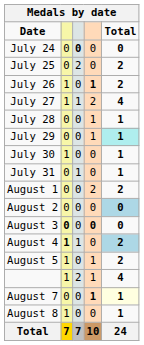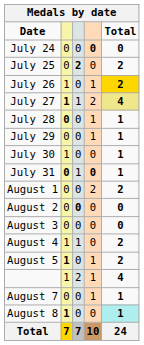 <table class="wikitable" style="font-size:85%">
 <tr bgcolor="#efefef">
 <th colspan=6>Medals by date</th>
 </tr>
 <tr align=center>
 <td><strong>Date</strong></td>
 <td bgcolor=#f7f6a8></td>
 <td bgcolor=#dce5e5></td>
 <td bgcolor=#ffdab9></td>
 <td><strong>Total</strong></td>
 </tr>
 <tr align=center>
 <td>July 24</td>
 <td style="background:#F7F6A8;">0</td>
-<td style="background:#DCE5E5;"><strong>0</strong></td>
-<td style="background:#FFDAB9;">0</td>
+<td style="background:#DCE5E5;">0</td>
+<td style="background:#FFDAB9;"><strong>0</strong></td>
 <td><strong>0</strong></td>
 </tr>
 <tr align=center>
 <td>July 25</td>
 <td style="background:#F7F6A8;">0</td>
-<td style="background:#DCE5E5;">2</td>
+<td style="background:#DCE5E5;"><strong>2</strong></td>
 <td style="background:#FFDAB9;">0</td>
 <td><strong>2</strong></td>
 </tr>
 <tr align=center>
 <td>July 26</td>
 <td style="background:#F7F6A8;">1</td>
 <td style="background:#DCE5E5;">0</td>
-<td style="background:#FFDAB9;"><strong>1</strong></td>
-<td><strong>2</strong></td>
+<td style="background:#FFDAB9;">1</td>
+<td style="background: gold;"><strong>2</strong></td>
 </tr>
 <tr align=center>
 <td>July 27</td>
-<td style="background:#F7F6A8;">1</td>
+<td style="background:#F7F6A8;"><strong>1</strong></td>
 <td style="background:#DCE5E5;">1</td>
 <td style="background:#FFDAB9;">2</td>
-<td><strong>4</strong></td>
+<td style="background: khaki;"><strong>4</strong></td>
 </tr>
 <tr align=center>
 <td>July 28</td>
-<td style="background:#F7F6A8;">0</td>
+<td style="background:#F7F6A8;"><strong>0</strong></td>
 <td style="background:#DCE5E5;">0</td>
 <td style="background:#FFDAB9;">1</td>
 <td><strong>1</strong></td>
 </tr>
 <tr align=center>
 <td>July 29</td>
 <td style="background:#F7F6A8;">0</td>
 <td style="background:#DCE5E5;">0</td>
 <td style="background:#FFDAB9;">1</td>
-<td style="background: paleturquoise;"><strong>1</strong></td>
+<td><strong>1</strong></td>
 </tr>
 <tr align=center>
 <td>July 30</td>
 <td style="background:#F7F6A8;">1</td>
 <td style="background:#DCE5E5;">0</td>
 <td style="background:#FFDAB9;">0</td>
 <td><strong>1</strong></td>
 </tr>
 <tr align=center>
 <td>July 31</td>
-<td style="background:#F7F6A8;">0</td>
+<td style="background:#F7F6A8;"><strong>0</strong></td>
 <td style="background:#DCE5E5;">1</td>
-<td style="background:#FFDAB9;">0</td>
+<td style="background:#FFDAB9;"><strong>0</strong></td>
 <td><strong>1</strong></td>
 </tr>
 <tr align=center>
 <td>August 1</td>
 <td style="background:#F7F6A8;">0</td>
 <td style="background:#DCE5E5;">0</td>
 <td style="background:#FFDAB9;">2</td>
 <td><strong>2</strong></td>
 </tr>
 <tr align=center>
 <td>August 2</td>
 <td style="background:#F7F6A8;">0</td>
-<td style="background:#DCE5E5;">0</td>
+<td style="background:#DCE5E5;"><strong>0</strong></td>
 <td style="background:#FFDAB9;">0</td>
-<td style="background: lightblue;"><strong>0</strong></td>
+<td><strong>0</strong></td>
 </tr>
 <tr align=center>
 <td>August 3</td>
-<td style="background:#F7F6A8;"><strong>0</strong></td>
+<td style="background:#F7F6A8;">0</td>
 <td style="background:#DCE5E5;">0</td>
-<td style="background:#FFDAB9;"><strong>0</strong></td>
+<td style="background:#FFDAB9;">0</td>
 <td><strong>0</strong></td>
 </tr>
 <tr align=center>
 <td>August 4</td>
-<td style="background:#F7F6A8;"><strong>1</strong></td>
+<td style="background:#F7F6A8;">1</td>
 <td style="background:#DCE5E5;">1</td>
 <td style="background:#FFDAB9;">0</td>
-<td style="background: lightblue;"><strong>2</strong></td>
+<td><strong>2</strong></td>
 </tr>
 <tr align=center>
 <td>August 5</td>
-<td style="background:#F7F6A8;">1</td>
+<td style="background:#F7F6A8;"><strong>1</strong></td>
 <td style="background:#DCE5E5;">0</td>
 <td style="background:#FFDAB9;">1</td>
 <td><strong>2</strong></td>
 </tr>
 <tr align=center>
 <td></td>
 <td style="background:#F7F6A8;">1</td>
 <td style="background:#DCE5E5;">2</td>
 <td style="background:#FFDAB9;">1</td>
 <td><strong>4</strong></td>
 </tr>
 <tr align=center>
 <td>August 7</td>
 <td style="background:#F7F6A8;">0</td>
 <td style="background:#DCE5E5;">0</td>
-<td style="background:#FFDAB9;"><strong>1</strong></td>
-<td style="background: lightyellow;"><strong>1</strong></td>
+<td style="background:#FFDAB9;">1</td>
+<td><strong>1</strong></td>
 </tr>
 <tr align=center>
 <td>August 8</td>
-<td style="background:#F7F6A8;">1</td>
+<td style="background:#F7F6A8;"><strong>1</strong></td>
 <td style="background:#DCE5E5;">0</td>
 <td style="background:#FFDAB9;">0</td>
-<td><strong>1</strong></td>
+<td style="background: paleturquoise;"><strong>1</strong></td>
 </tr>
 <tr align=center>
 <th><strong>Total</strong></th>
 <th style="background:gold;"><strong>7</strong></th>
 <th style="background:silver;"><strong>7</strong></th>
 <th style="background:#c96;"><strong>10</strong></th>
 <th>24</th>
 </tr>
 </table>
